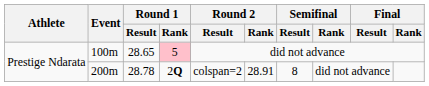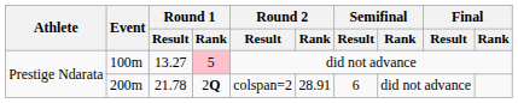 <table class="wikitable" style="font-size:90%">
 <tr>
 <th rowspan="2">Athlete</th>
 <th rowspan="2">Event</th>
 <th colspan="2">Round 1</th>
 <th colspan="2">Round 2</th>
 <th colspan="2">Semifinal</th>
 <th colspan="2">Final</th>
 </tr>
 <tr style="font-size:95%">
 <th>Result</th>
 <th>Rank</th>
 <th>Result</th>
 <th>Rank</th>
 <th>Result</th>
 <th>Rank</th>
 <th>Result</th>
 <th>Rank</th>
 </tr>
 <tr align=center>
 <td align=left rowspan=2>Prestige Ndarata</td>
 <td align=left>100m</td>
-<td>28.65</td>
+<td>13.27</td>
 <td style="background: pink;">5</td>
 <td colspan=6>did not advance</td>
 </tr>
 <tr align=center>
 <td align=left>200m</td>
-<td>28.78</td>
+<td>21.78</td>
 <td>2<strong>Q</strong></td>
 <td>colspan=2 </td>
 <td>28.91</td>
-<td>8</td>
+<td>6</td>
 <td colspan=2>did not advance</td>
 </tr>
 </table>
